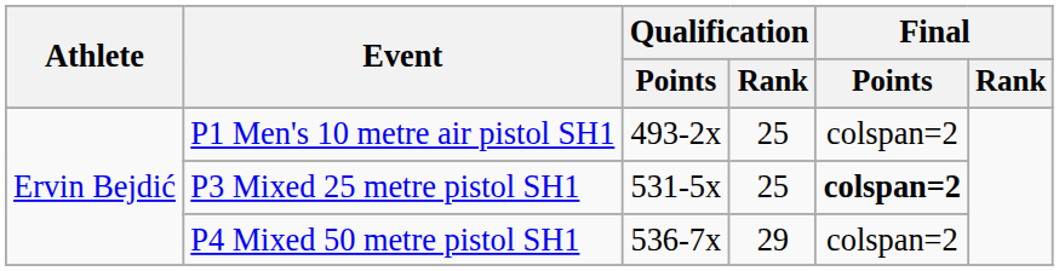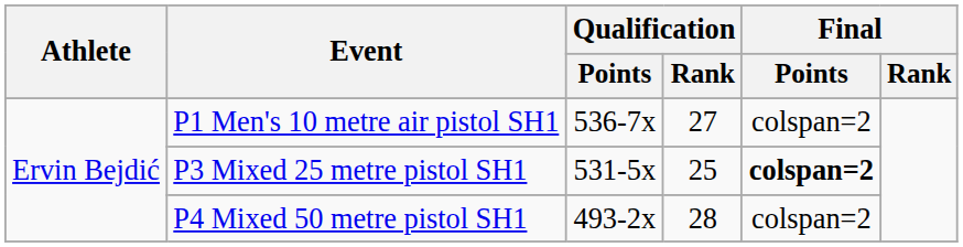 <table class="wikitable" style="font-size:90%">
 <tr>
 <th rowspan=2>Athlete</th>
 <th rowspan=2>Event</th>
 <th colspan=2>Qualification</th>
 <th colspan=2>Final</th>
 </tr>
 <tr style="font-size:95%">
 <th>Points</th>
 <th>Rank</th>
 <th>Points</th>
 <th>Rank</th>
 </tr>
 <tr align=center>
 <td align=left rowspan=3><a href='#'>Ervin Bejdić</a></td>
 <td align=left><a href='#'>P1 Men's 10 metre air pistol SH1</a></td>
-<td>493-2x</td>
-<td>25</td>
+<td>536-7x</td>
+<td>27</td>
 <td>colspan=2 </td>
 </tr>
 <tr align=center>
 <td align=left><a href='#'>P3 Mixed 25 metre pistol SH1</a></td>
 <td>531-5x</td>
 <td>25</td>
 <td><strong>colspan=2 </strong></td>
 </tr>
 <tr align=center>
 <td align=left><a href='#'>P4 Mixed 50 metre pistol SH1</a></td>
-<td>536-7x</td>
-<td>29</td>
+<td>493-2x</td>
+<td>28</td>
 <td>colspan=2 </td>
 </tr>
 </table>
